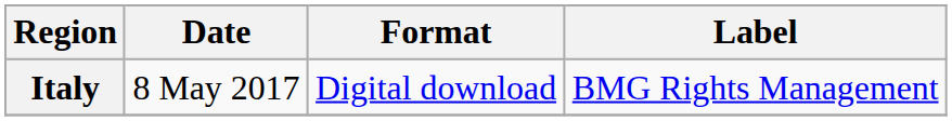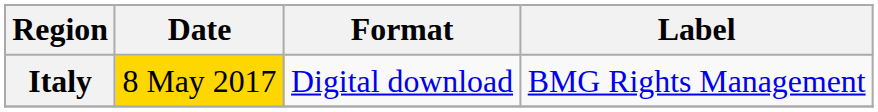 <table class="wikitable sortable plainrowheaders" style="text-align:center">
 <tr>
 <th>Region</th>
 <th>Date</th>
 <th>Format</th>
 <th>Label</th>
 </tr>
 <tr>
 <th scope="row">Italy</th>
-<td>8 May 2017</td>
+<td style="background: gold;">8 May 2017</td>
 <td><a href='#'>Digital download</a></td>
 <td><a href='#'>BMG Rights Management</a></td>
 </tr>
 <tr>
 </tr>
 </table>
